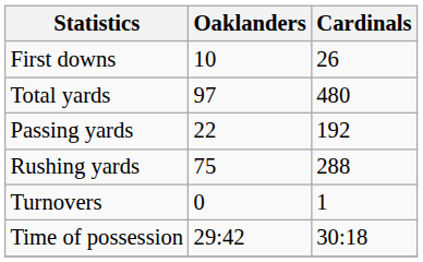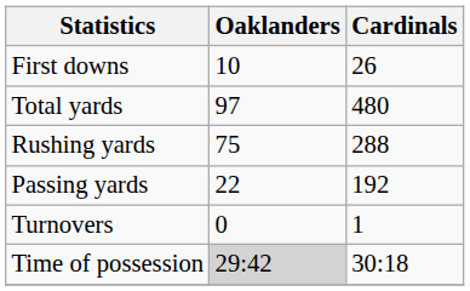 <table class="wikitable" style="float: left;">
 <tr>
 <th>Statistics</th>
 <th><strong>Oaklanders</strong></th>
 <th><strong>Cardinals</strong></th>
 </tr>
 <tr>
 <td>First downs</td>
 <td>10</td>
 <td>26</td>
 </tr>
 <tr>
 <td>Total yards</td>
 <td>97</td>
 <td>480</td>
 </tr>
 <tr>
+<td>Rushing yards</td>
+<td>75</td>
+<td>288</td>
+</tr>
+<tr>
 <td>Passing yards</td>
 <td>22</td>
 <td>192</td>
-</tr>
-<tr>
-<td>Rushing yards</td>
-<td>75</td>
-<td>288</td>
 </tr>
 <tr>
 <td>Turnovers</td>
 <td>0</td>
 <td>1</td>
 </tr>
 <tr>
 <td>Time of possession</td>
-<td>29:42</td>
+<td style="background: lightgrey;">29:42</td>
 <td>30:18</td>
 </tr>
 <tr>
 </tr>
 </table>
